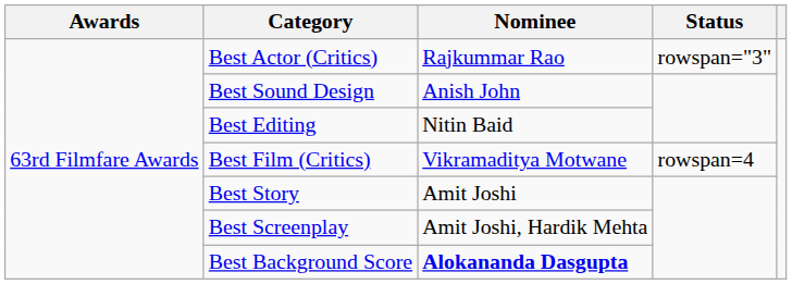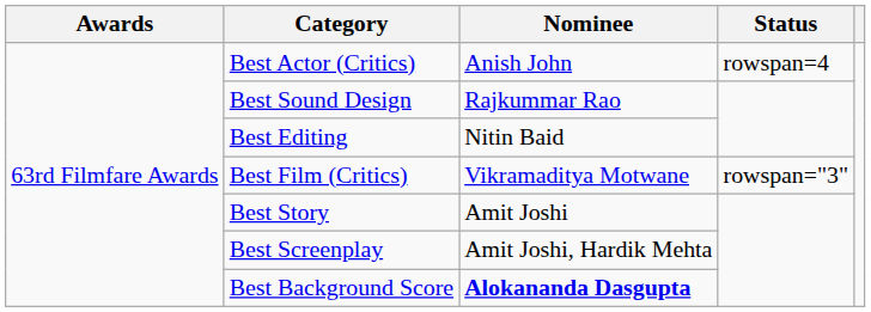 <table class="wikitable">
 <tr>
 <th>Awards</th>
 <th>Category</th>
 <th>Nominee</th>
 <th>Status</th>
 <th scope="col" class="unsortable"></th>
 </tr>
 <tr>
 <td rowspan=7><a href='#'>63rd Filmfare Awards</a></td>
 <td><a href='#'>Best Actor (Critics)</a></td>
-<td><a href='#'>Rajkummar Rao</a></td>
-<td>rowspan="3" </td>
+<td><a href='#'>Anish John</a></td>
+<td>rowspan=4 </td>
 <td style="text-align:center;" rowspan=7><br></td>
 </tr>
 <tr>
 <td><a href='#'>Best Sound Design</a></td>
-<td><a href='#'>Anish John</a></td>
+<td><a href='#'>Rajkummar Rao</a></td>
 </tr>
 <tr>
 <td><a href='#'>Best Editing</a></td>
 <td>Nitin Baid</td>
 </tr>
 <tr>
 <td><a href='#'>Best Film (Critics)</a></td>
 <td><a href='#'>Vikramaditya Motwane</a></td>
-<td>rowspan=4 </td>
+<td>rowspan="3" </td>
 </tr>
 <tr>
 <td><a href='#'>Best Story</a></td>
 <td>Amit Joshi</td>
 </tr>
 <tr>
 <td><a href='#'>Best Screenplay</a></td>
 <td>Amit Joshi, Hardik Mehta</td>
 </tr>
 <tr>
 <td><a href='#'>Best Background Score</a></td>
 <td><strong><a href='#'>Alokananda Dasgupta</a></strong></td>
 </tr>
 </table>
